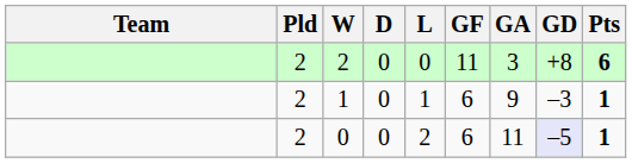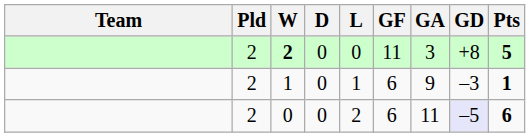 <table class="wikitable" style="text-align: center;">
 <tr>
 <th width="175">Team</th>
 <th width="20">Pld</th>
 <th width="20">W</th>
 <th width="20">D</th>
 <th width="20">L</th>
 <th width="20">GF</th>
 <th width="20">GA</th>
 <th width="20">GD</th>
 <th width="20">Pts<br></th>
 </tr>
 <tr align=center bgcolor="ccffcc">
 <td style="text-align:left;"></td>
 <td>2</td>
-<td>2</td>
+<td><strong>2</strong></td>
 <td>0</td>
 <td>0</td>
 <td>11</td>
 <td>3</td>
 <td>+8</td>
-<td><strong>6</strong></td>
+<td><strong>5</strong></td>
 </tr>
 <tr align=center>
 <td style="text-align:left;"></td>
 <td>2</td>
 <td>1</td>
 <td>0</td>
 <td>1</td>
 <td>6</td>
 <td>9</td>
 <td>–3</td>
 <td><strong>1</strong></td>
 </tr>
 <tr align=center>
 <td style="text-align:left;"></td>
 <td>2</td>
 <td>0</td>
 <td>0</td>
 <td>2</td>
 <td>6</td>
 <td>11</td>
 <td style="background: lavender;">–5</td>
-<td><strong>1</strong></td>
+<td><strong>6</strong></td>
 </tr>
 </table>
